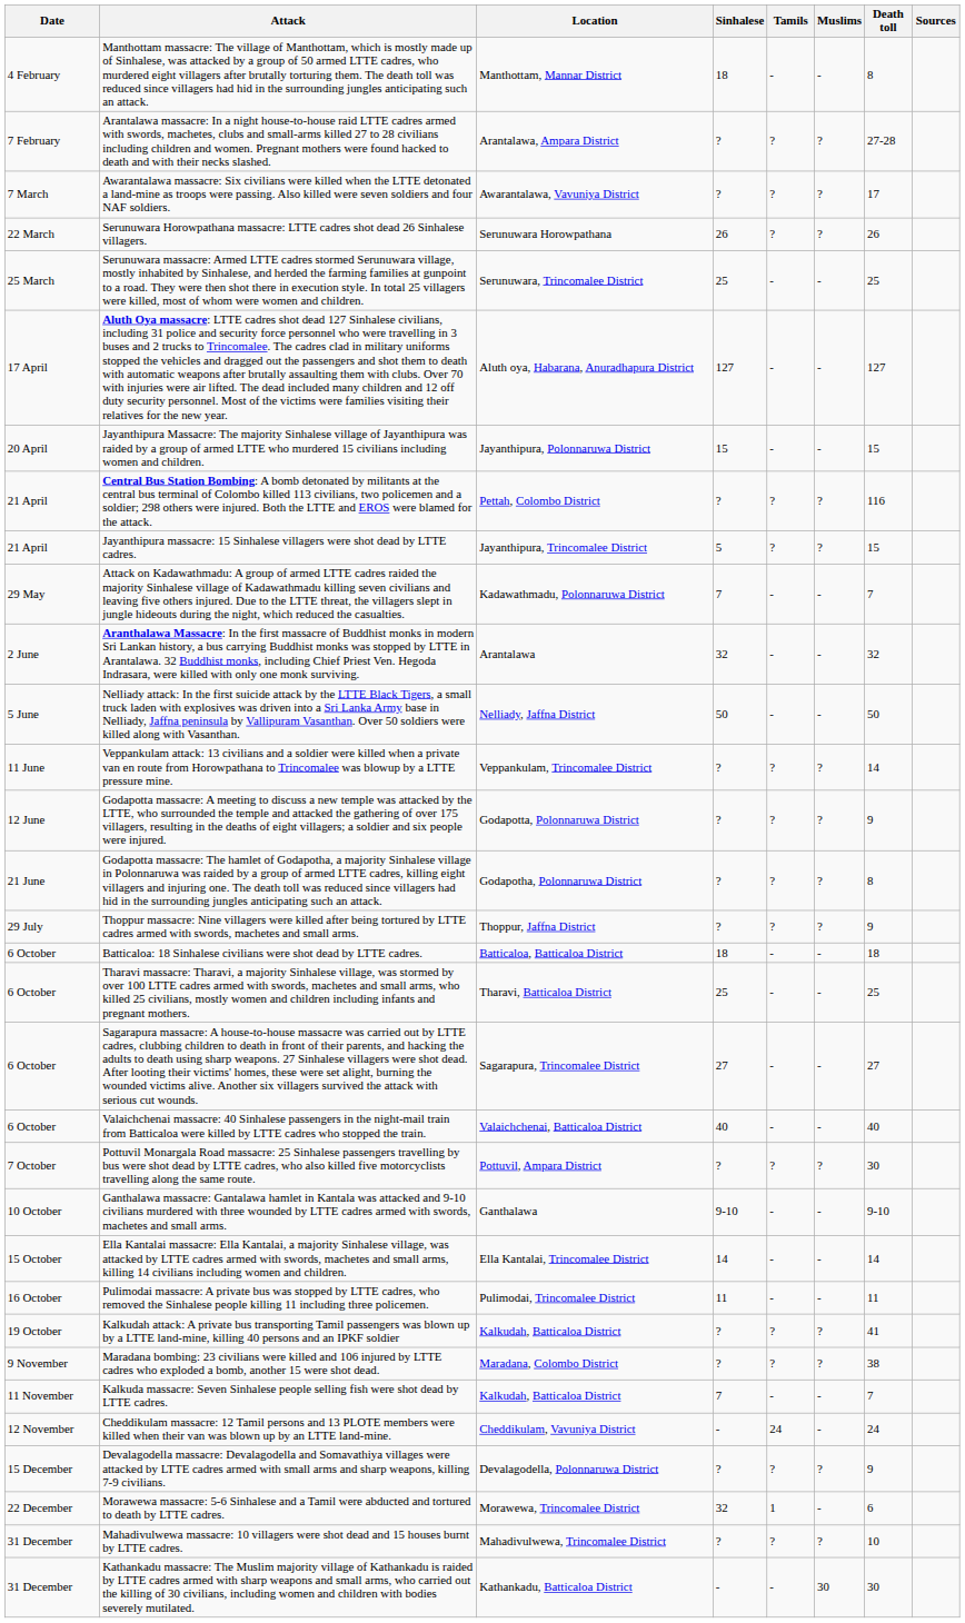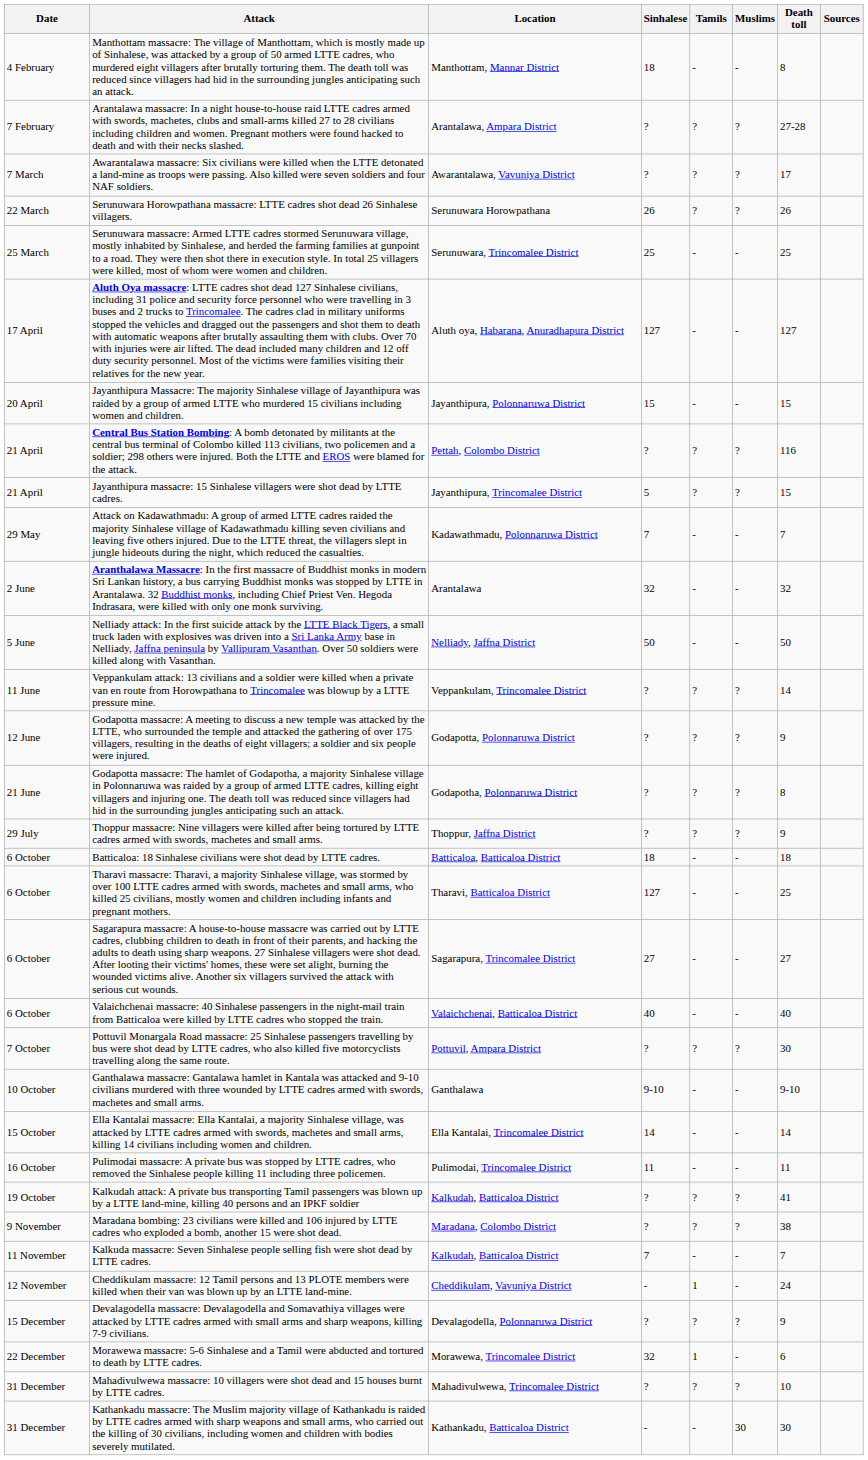 <table class="wikitable" style="width:100%;">
 <tr>
 <th width="10%">Date</th>
 <th width="40%">Attack</th>
 <th width="25%">Location</th>
 <th width="5%">Sinhalese</th>
 <th width="5%">Tamils</th>
 <th width="5%">Muslims</th>
 <th width="5%">Death toll</th>
 <th width="5%">Sources</th>
 </tr>
 <tr>
 <td>4 February</td>
 <td>Manthottam massacre: The village of Manthottam, which is mostly made up of Sinhalese, was attacked by a group of 50 armed LTTE cadres, who murdered eight villagers after brutally torturing them. The death toll was reduced since villagers had hid in the surrounding jungles anticipating such an attack.</td>
 <td>Manthottam, <a href='#'>Mannar District</a></td>
 <td>18</td>
 <td>-</td>
 <td>-</td>
 <td>8</td>
 <td></td>
 </tr>
 <tr>
 <td>7 February</td>
 <td>Arantalawa massacre: In a night house-to-house raid LTTE cadres armed with swords, machetes, clubs and small-arms killed 27 to 28 civilians including children and women. Pregnant mothers were found hacked to death and with their necks slashed.</td>
 <td>Arantalawa, <a href='#'>Ampara District</a></td>
 <td>?</td>
 <td>?</td>
 <td>?</td>
 <td>27-28</td>
 <td></td>
 </tr>
 <tr>
 <td>7 March</td>
 <td>Awarantalawa massacre: Six civilians were killed when the LTTE detonated a land-mine as troops were passing. Also killed were seven soldiers and four NAF soldiers.</td>
 <td>Awarantalawa, <a href='#'>Vavuniya District</a></td>
 <td>?</td>
 <td>?</td>
 <td>?</td>
 <td>17</td>
 <td></td>
 </tr>
 <tr>
 <td>22 March</td>
 <td>Serunuwara Horowpathana massacre: LTTE cadres shot dead 26 Sinhalese villagers.</td>
 <td>Serunuwara Horowpathana</td>
 <td>26</td>
 <td>?</td>
 <td>?</td>
 <td>26</td>
 <td></td>
 </tr>
 <tr>
 <td>25 March</td>
 <td>Serunuwara massacre: Armed LTTE cadres stormed Serunuwara village, mostly inhabited by Sinhalese, and herded the farming families at gunpoint to a road. They were then shot there in execution style. In total 25 villagers were killed, most of whom were women and children.</td>
 <td>Serunuwara, <a href='#'>Trincomalee District</a></td>
 <td>25</td>
 <td>-</td>
 <td>-</td>
 <td>25</td>
 <td></td>
 </tr>
 <tr>
 <td>17 April</td>
 <td><strong><a href='#'>Aluth Oya massacre</a></strong>: LTTE cadres shot dead 127 Sinhalese civilians, including 31 police and security force personnel who were travelling in 3 buses and 2 trucks to <a href='#'>Trincomalee</a>. The cadres clad in military uniforms stopped the vehicles and dragged out the passengers and shot them to death with automatic weapons after brutally assaulting them with clubs. Over 70 with injuries were air lifted. The dead included many children and 12 off duty security personnel. Most of the victims were families visiting their relatives for the new year.</td>
 <td>Aluth oya, <a href='#'>Habarana</a>, <a href='#'>Anuradhapura District</a></td>
 <td>127</td>
 <td>-</td>
 <td>-</td>
 <td>127</td>
 <td></td>
 </tr>
 <tr>
 <td>20 April</td>
 <td>Jayanthipura Massacre: The majority Sinhalese village of Jayanthipura was raided by a group of armed LTTE who murdered 15 civilians including women and children.</td>
 <td>Jayanthipura, <a href='#'>Polonnaruwa District</a></td>
 <td>15</td>
 <td>-</td>
 <td>-</td>
 <td>15</td>
 <td></td>
 </tr>
 <tr>
 <td>21 April</td>
 <td><strong><a href='#'>Central Bus Station Bombing</a></strong>: A bomb detonated by militants at the central bus terminal of Colombo killed 113 civilians, two policemen and a soldier; 298 others were injured. Both the LTTE and <a href='#'>EROS</a> were blamed for the attack.</td>
 <td><a href='#'>Pettah</a>, <a href='#'>Colombo District</a></td>
 <td>?</td>
 <td>?</td>
 <td>?</td>
 <td>116</td>
 <td></td>
 </tr>
 <tr>
 <td>21 April</td>
 <td>Jayanthipura massacre: 15 Sinhalese villagers were shot dead by LTTE cadres.</td>
 <td>Jayanthipura, <a href='#'>Trincomalee District</a></td>
 <td>5</td>
 <td>?</td>
 <td>?</td>
 <td>15</td>
 <td></td>
 </tr>
 <tr>
 <td>29 May</td>
 <td>Attack on Kadawathmadu: A group of armed LTTE cadres raided the majority Sinhalese village of Kadawathmadu killing seven civilians and leaving five others injured. Due to the LTTE threat, the villagers slept in jungle hideouts during the night, which reduced the casualties.</td>
 <td>Kadawathmadu, <a href='#'>Polonnaruwa District</a></td>
 <td>7</td>
 <td>-</td>
 <td>-</td>
 <td>7</td>
 <td></td>
 </tr>
 <tr>
 <td>2 June</td>
 <td><strong><a href='#'>Aranthalawa Massacre</a></strong>: In the first massacre of Buddhist monks in modern Sri Lankan history, a bus carrying Buddhist monks was stopped by LTTE in Arantalawa. 32 <a href='#'>Buddhist monks</a>, including Chief Priest Ven. Hegoda Indrasara, were killed with only one monk surviving.</td>
 <td>Arantalawa</td>
 <td>32</td>
 <td>-</td>
 <td>-</td>
 <td>32</td>
 <td></td>
 </tr>
 <tr>
 <td>5 June</td>
 <td>Nelliady attack: In the first suicide attack by the <a href='#'>LTTE Black Tigers</a>, a small truck laden with explosives was driven into a <a href='#'>Sri Lanka Army</a> base in Nelliady, <a href='#'>Jaffna peninsula</a> by <a href='#'>Vallipuram Vasanthan</a>. Over 50 soldiers were killed along with Vasanthan.</td>
 <td><a href='#'>Nelliady</a>, <a href='#'>Jaffna District</a></td>
 <td>50</td>
 <td>-</td>
 <td>-</td>
 <td>50</td>
 <td></td>
 </tr>
 <tr>
 <td>11 June</td>
 <td>Veppankulam attack: 13 civilians and a soldier were killed when a private van en route from Horowpathana to <a href='#'>Trincomalee</a> was blowup by a LTTE pressure mine.</td>
 <td>Veppankulam, <a href='#'>Trincomalee District</a></td>
 <td>?</td>
 <td>?</td>
 <td>?</td>
 <td>14</td>
 <td></td>
 </tr>
 <tr>
 <td>12 June</td>
 <td>Godapotta massacre: A meeting to discuss a new temple was attacked by the LTTE, who surrounded the temple and attacked the gathering of over 175 villagers, resulting in the deaths of eight villagers; a soldier and six people were injured.</td>
 <td>Godapotta, <a href='#'>Polonnaruwa District</a></td>
 <td>?</td>
 <td>?</td>
 <td>?</td>
 <td>9</td>
 <td></td>
 </tr>
 <tr>
 <td>21 June</td>
 <td>Godapotta massacre: The hamlet of Godapotha, a majority Sinhalese village in Polonnaruwa was raided by a group of armed LTTE cadres, killing eight villagers and injuring one. The death toll was reduced since villagers had hid in the surrounding jungles anticipating such an attack.</td>
 <td>Godapotha, <a href='#'>Polonnaruwa District</a></td>
 <td>?</td>
 <td>?</td>
 <td>?</td>
 <td>8</td>
 <td></td>
 </tr>
 <tr>
 <td>29 July</td>
 <td>Thoppur massacre: Nine villagers were killed after being tortured by LTTE cadres armed with swords, machetes and small arms.</td>
 <td>Thoppur, <a href='#'>Jaffna District</a></td>
 <td>?</td>
 <td>?</td>
 <td>?</td>
 <td>9</td>
 <td></td>
 </tr>
 <tr>
 <td>6 October</td>
 <td>Batticaloa: 18 Sinhalese civilians were shot dead by LTTE cadres.</td>
 <td><a href='#'>Batticaloa</a>, <a href='#'>Batticaloa District</a></td>
 <td>18</td>
 <td>-</td>
 <td>-</td>
 <td>18</td>
 <td></td>
 </tr>
 <tr>
 <td>6 October</td>
 <td>Tharavi massacre: Tharavi, a majority Sinhalese village, was stormed by over 100 LTTE cadres armed with swords, machetes and small arms, who killed 25 civilians, mostly women and children including infants and pregnant mothers.</td>
 <td>Tharavi, <a href='#'>Batticaloa District</a></td>
-<td>25</td>
+<td>127</td>
 <td>-</td>
 <td>-</td>
 <td>25</td>
 <td></td>
 </tr>
 <tr>
 <td>6 October</td>
 <td>Sagarapura massacre: A house-to-house massacre was carried out by LTTE cadres, clubbing children to death in front of their parents, and hacking the adults to death using sharp weapons. 27 Sinhalese villagers were shot dead. After looting their victims' homes, these were set alight, burning the wounded victims alive. Another six villagers survived the attack with serious cut wounds.</td>
 <td>Sagarapura, <a href='#'>Trincomalee District</a></td>
 <td>27</td>
 <td>-</td>
 <td>-</td>
 <td>27</td>
 <td></td>
 </tr>
 <tr>
 <td>6 October</td>
 <td>Valaichchenai massacre: 40 Sinhalese passengers in the night-mail train from Batticaloa were killed by LTTE cadres who stopped the train.</td>
 <td><a href='#'>Valaichchenai</a>, <a href='#'>Batticaloa District</a></td>
 <td>40</td>
 <td>-</td>
 <td>-</td>
 <td>40</td>
 <td></td>
 </tr>
 <tr>
 <td>7 October</td>
 <td>Pottuvil Monargala Road massacre: 25 Sinhalese passengers travelling by bus were shot dead by LTTE cadres, who also killed five motorcyclists travelling along the same route.</td>
 <td><a href='#'>Pottuvil</a>, <a href='#'>Ampara District</a></td>
 <td>?</td>
 <td>?</td>
 <td>?</td>
 <td>30</td>
 <td></td>
 </tr>
 <tr>
 <td>10 October</td>
 <td>Ganthalawa massacre: Gantalawa hamlet in Kantala was attacked and 9-10 civilians murdered with three wounded by LTTE cadres armed with swords, machetes and small arms.</td>
 <td>Ganthalawa</td>
 <td>9-10</td>
 <td>-</td>
 <td>-</td>
 <td>9-10</td>
 <td></td>
 </tr>
 <tr>
 <td>15 October</td>
 <td>Ella Kantalai massacre: Ella Kantalai, a majority Sinhalese village, was attacked by LTTE cadres armed with swords, machetes and small arms, killing 14 civilians including women and children.</td>
 <td>Ella Kantalai, <a href='#'>Trincomalee District</a></td>
 <td>14</td>
 <td>-</td>
 <td>-</td>
 <td>14</td>
 <td></td>
 </tr>
 <tr>
 <td>16 October</td>
 <td>Pulimodai massacre: A private bus was stopped by LTTE cadres, who removed the Sinhalese people killing 11 including three policemen.</td>
 <td>Pulimodai, <a href='#'>Trincomalee District</a></td>
 <td>11</td>
 <td>-</td>
 <td>-</td>
 <td>11</td>
 <td></td>
 </tr>
 <tr>
 <td>19 October</td>
 <td>Kalkudah attack: A private bus transporting Tamil passengers was blown up by a LTTE land-mine, killing 40 persons and an IPKF soldier</td>
 <td><a href='#'>Kalkudah</a>, <a href='#'>Batticaloa District</a></td>
 <td>?</td>
 <td>?</td>
 <td>?</td>
 <td>41</td>
 <td></td>
 </tr>
 <tr>
 <td>9 November</td>
 <td>Maradana bombing: 23 civilians were killed and 106 injured by LTTE cadres who exploded a bomb, another 15 were shot dead.</td>
 <td><a href='#'>Maradana</a>, <a href='#'>Colombo District</a></td>
 <td>?</td>
 <td>?</td>
 <td>?</td>
 <td>38</td>
 <td></td>
 </tr>
 <tr>
 <td>11 November</td>
 <td>Kalkuda massacre: Seven Sinhalese people selling fish were shot dead by LTTE cadres.</td>
 <td><a href='#'>Kalkudah</a>, <a href='#'>Batticaloa District</a></td>
 <td>7</td>
 <td>-</td>
 <td>-</td>
 <td>7</td>
 <td></td>
 </tr>
 <tr>
 <td>12 November</td>
 <td>Cheddikulam massacre: 12 Tamil persons and 13 PLOTE members were killed when their van was blown up by an LTTE land-mine.</td>
 <td><a href='#'>Cheddikulam</a>, <a href='#'>Vavuniya District</a></td>
 <td>-</td>
-<td>24</td>
+<td>1</td>
 <td>-</td>
 <td>24</td>
 <td></td>
 </tr>
 <tr>
 <td>15 December</td>
 <td>Devalagodella massacre: Devalagodella and Somavathiya villages were attacked by LTTE cadres armed with small arms and sharp weapons, killing 7-9 civilians.</td>
 <td>Devalagodella, <a href='#'>Polonnaruwa District</a></td>
 <td>?</td>
 <td>?</td>
 <td>?</td>
 <td>9</td>
 <td></td>
 </tr>
 <tr>
 <td>22 December</td>
 <td>Morawewa massacre: 5-6 Sinhalese and a Tamil were abducted and tortured to death by LTTE cadres.</td>
 <td>Morawewa, <a href='#'>Trincomalee District</a></td>
 <td>32</td>
 <td>1</td>
 <td>-</td>
 <td>6</td>
 <td></td>
 </tr>
 <tr>
 <td>31 December</td>
 <td>Mahadivulwewa massacre: 10 villagers were shot dead and 15 houses burnt by LTTE cadres.</td>
 <td>Mahadivulwewa, <a href='#'>Trincomalee District</a></td>
 <td>?</td>
 <td>?</td>
 <td>?</td>
 <td>10</td>
 <td></td>
 </tr>
 <tr>
 <td>31 December</td>
 <td>Kathankadu massacre: The Muslim majority village of Kathankadu is raided by LTTE cadres armed with sharp weapons and small arms, who carried out the killing of 30 civilians, including women and children with bodies severely mutilated.</td>
 <td>Kathankadu, <a href='#'>Batticaloa District</a></td>
 <td>-</td>
 <td>-</td>
 <td>30</td>
 <td>30</td>
 <td></td>
 </tr>
 </table>
